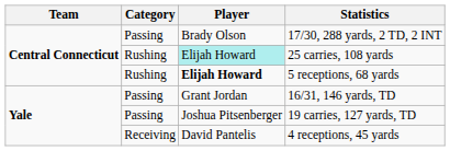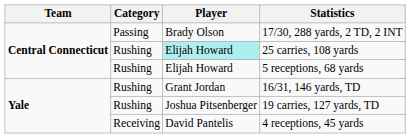 <table class="wikitable" style="float: right;">
 <tr>
 <th>Team</th>
 <th>Category</th>
 <th>Player</th>
 <th>Statistics</th>
 </tr>
 <tr>
 <td rowspan=3><strong>Central Connecticut</strong></td>
 <td>Passing</td>
 <td>Brady Olson</td>
 <td>17/30, 288 yards, 2 TD, 2 INT</td>
 </tr>
 <tr>
 <td>Rushing</td>
 <td style="background: paleturquoise;">Elijah Howard</td>
 <td>25 carries, 108 yards</td>
 </tr>
 <tr>
 <td>Rushing</td>
-<td><strong>Elijah Howard</strong></td>
+<td>Elijah Howard</td>
 <td>5 receptions, 68 yards</td>
 </tr>
 <tr>
 <td rowspan=3><strong>Yale</strong></td>
-<td>Passing</td>
+<td>Rushing</td>
 <td>Grant Jordan</td>
 <td>16/31, 146 yards, TD</td>
 </tr>
 <tr>
-<td>Passing</td>
+<td>Rushing</td>
 <td>Joshua Pitsenberger</td>
 <td>19 carries, 127 yards, TD</td>
 </tr>
 <tr>
 <td>Receiving</td>
 <td>David Pantelis</td>
 <td>4 receptions, 45 yards</td>
 </tr>
 </table>
